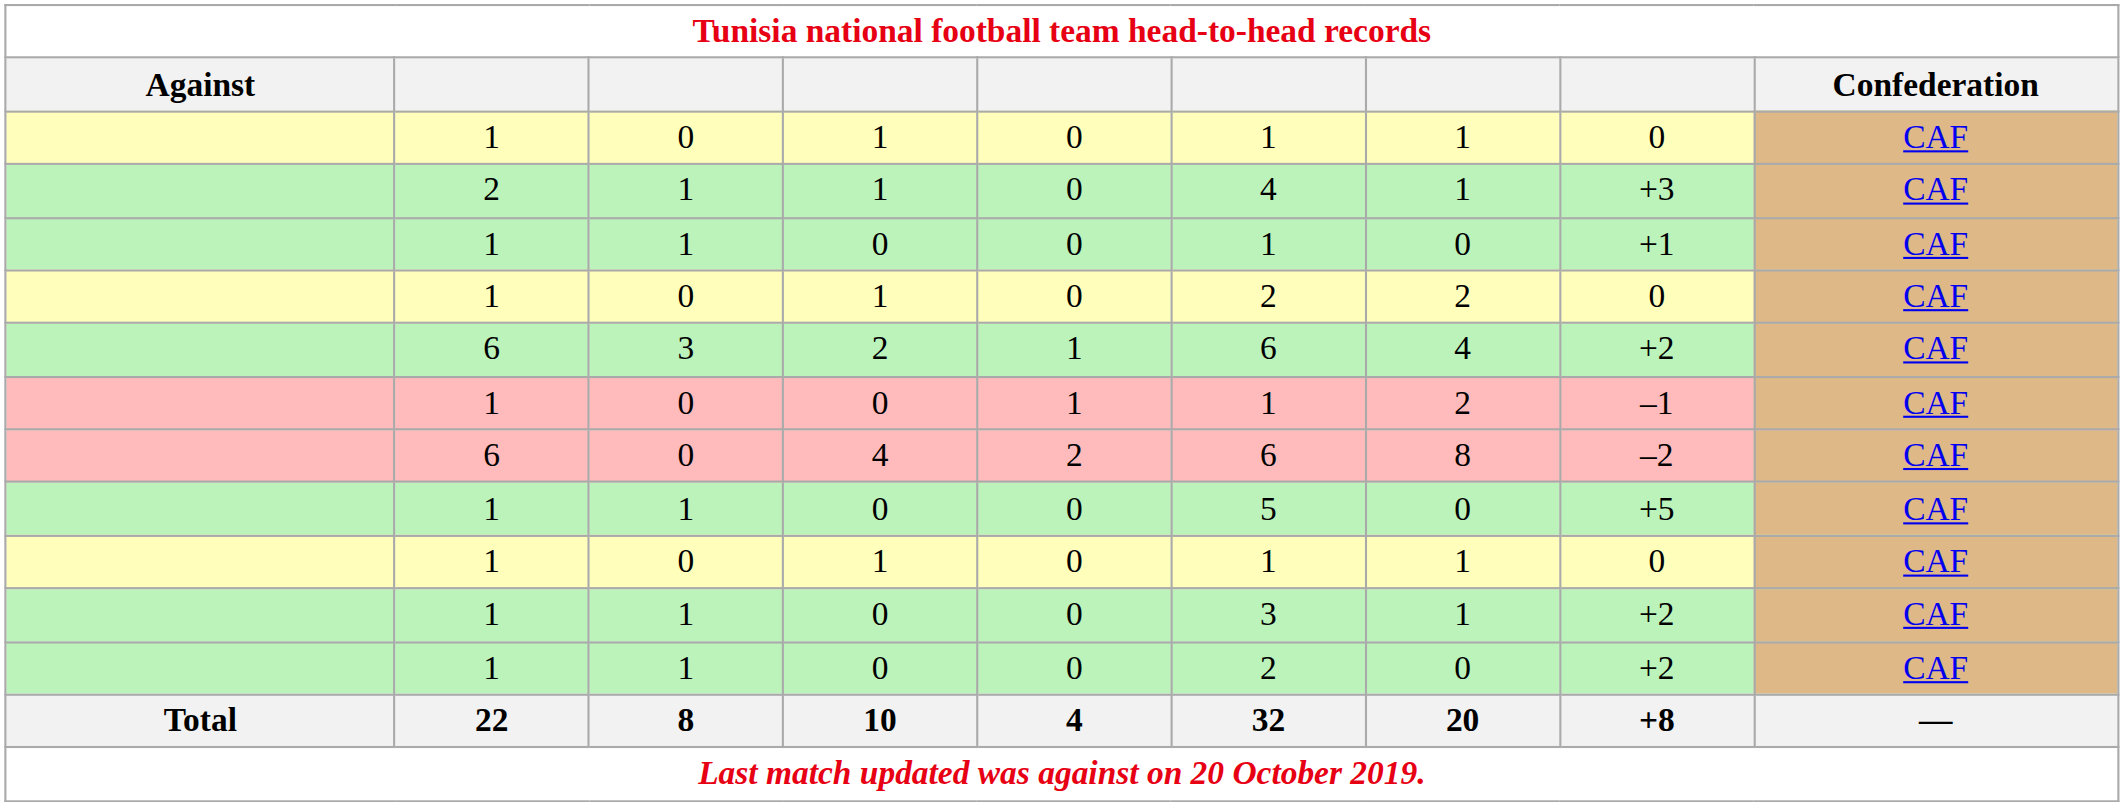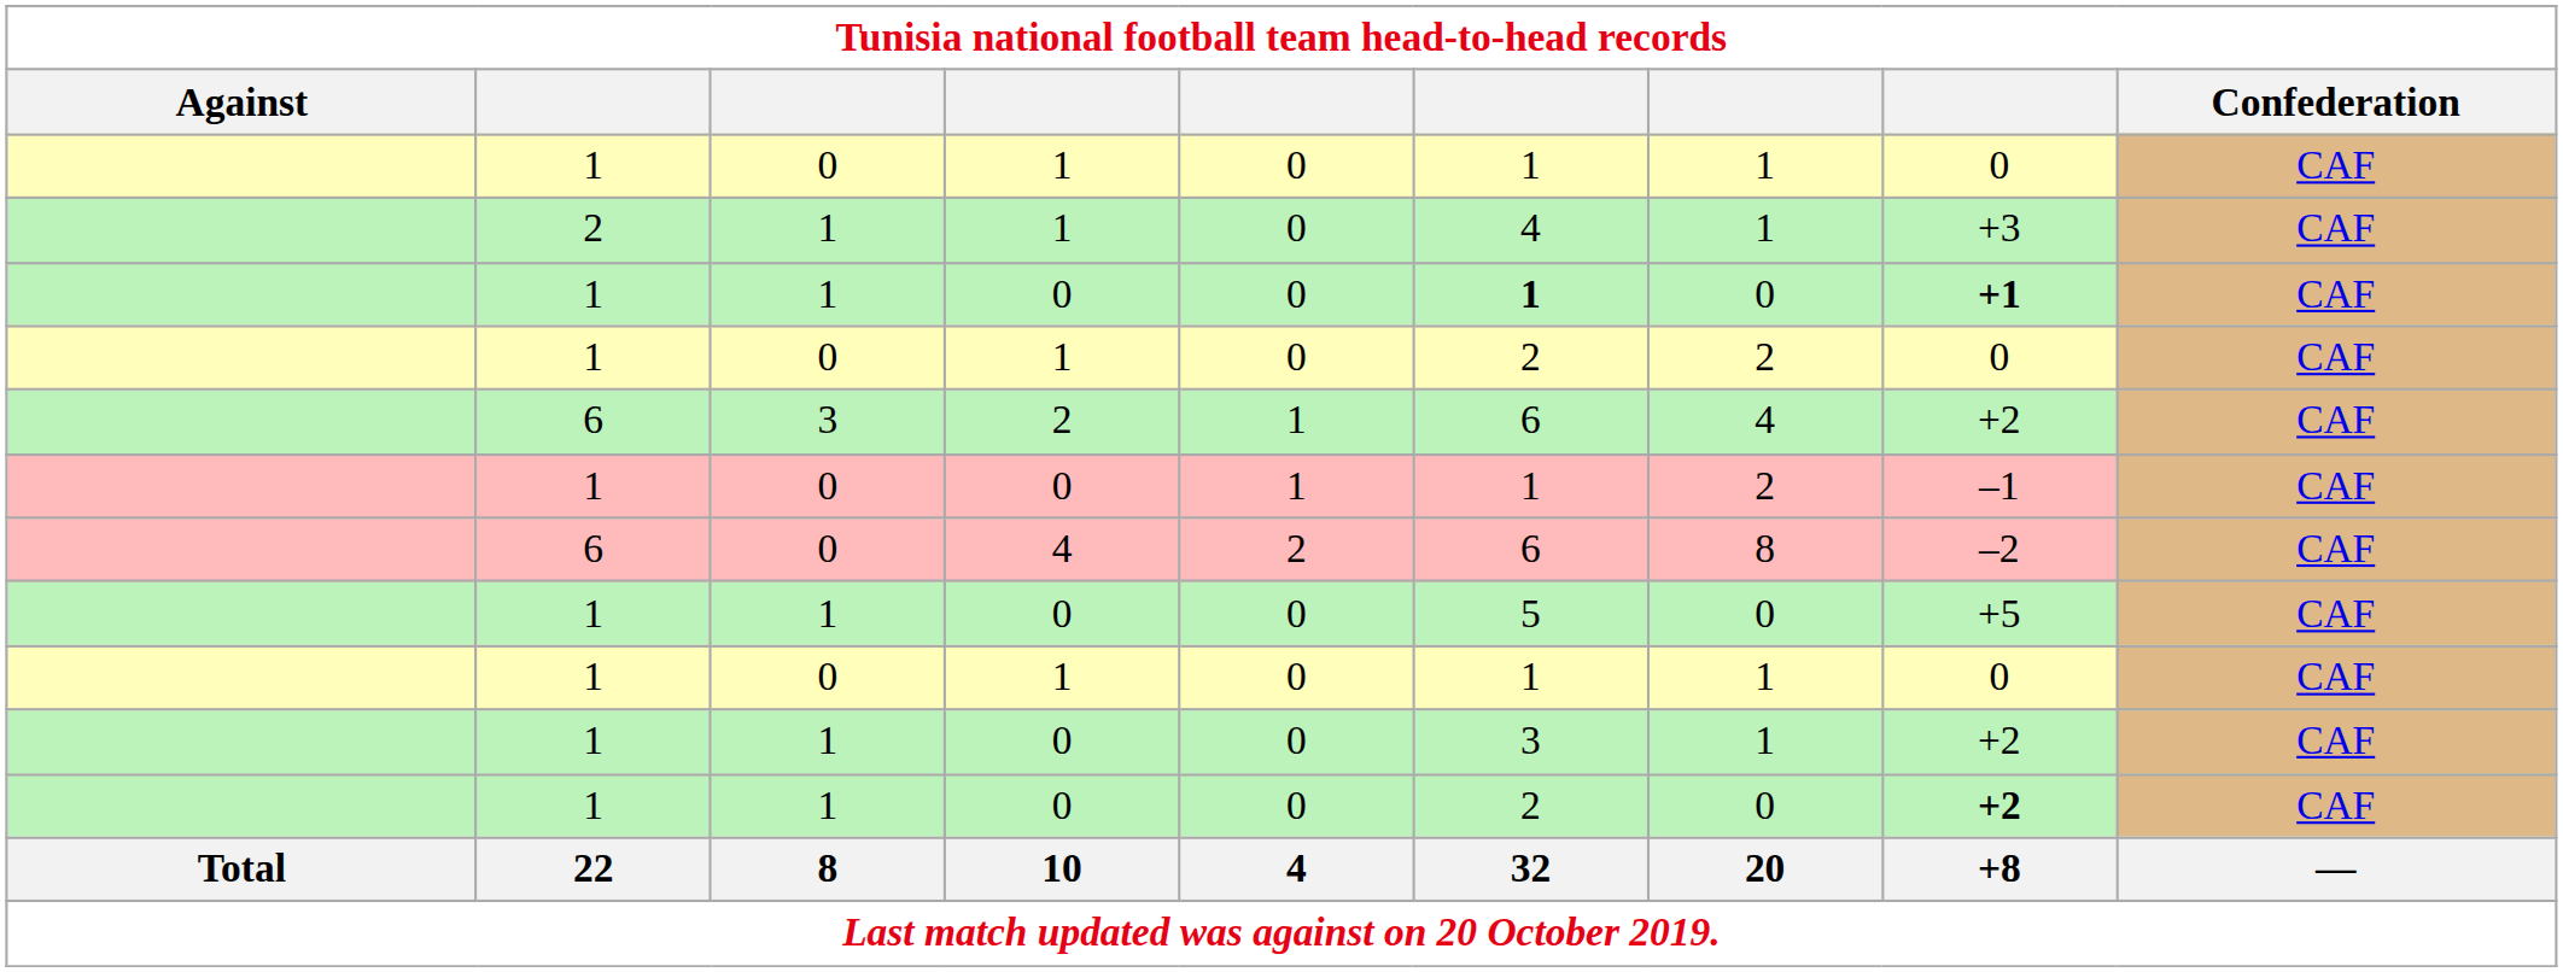 <table class="wikitable sortable mw-collapsible mw-collapsed" style="text-align:center; margin:0.5em auto; width:80%">
 <tr>
 <th colspan="9" style="background:#FFFFFF; color:#E70013; ">Tunisia national football team head-to-head records</th>
 </tr>
 <tr>
 <th width=10%>Against</th>
 <th width=5%></th>
 <th width=5%></th>
 <th width=5%></th>
 <th width=5%></th>
 <th width=5%></th>
 <th width=5%></th>
 <th width=5%></th>
 <th width=8%>Confederation</th>
 </tr>
 <tr bgcolor="#ffffbb">
 <td align=left></td>
 <td>1</td>
 <td>0</td>
 <td>1</td>
 <td>0</td>
 <td>1</td>
 <td>1</td>
 <td>0</td>
 <td bgcolor="#DEB887"><a href='#'>CAF</a></td>
 </tr>
 <tr bgcolor="#bbf3bb">
 <td align=left></td>
 <td>2</td>
 <td>1</td>
 <td>1</td>
 <td>0</td>
 <td>4</td>
 <td>1</td>
 <td>+3</td>
 <td bgcolor="#DEB887"><a href='#'>CAF</a></td>
 </tr>
 <tr bgcolor="#bbf3bb">
 <td align=left></td>
 <td>1</td>
 <td>1</td>
 <td>0</td>
 <td>0</td>
-<td>1</td>
+<td><strong>1</strong></td>
 <td>0</td>
-<td>+1</td>
+<td><strong>+1</strong></td>
 <td bgcolor="#DEB887"><a href='#'>CAF</a></td>
 </tr>
 <tr bgcolor="#ffffbb">
 <td align=left></td>
 <td>1</td>
 <td>0</td>
 <td>1</td>
 <td>0</td>
 <td>2</td>
 <td>2</td>
 <td>0</td>
 <td bgcolor="#DEB887"><a href='#'>CAF</a></td>
 </tr>
 <tr bgcolor="#bbf3bb">
 <td align=left></td>
 <td>6</td>
 <td>3</td>
 <td>2</td>
 <td>1</td>
 <td>6</td>
 <td>4</td>
 <td>+2</td>
 <td bgcolor="#DEB887"><a href='#'>CAF</a></td>
 </tr>
 <tr bgcolor="#ffbbbb">
 <td align=left></td>
 <td>1</td>
 <td>0</td>
 <td>0</td>
 <td>1</td>
 <td>1</td>
 <td>2</td>
 <td>–1</td>
 <td bgcolor="#DEB887"><a href='#'>CAF</a></td>
 </tr>
 <tr bgcolor="#ffbbbb">
 <td align=left></td>
 <td>6</td>
 <td>0</td>
 <td>4</td>
 <td>2</td>
 <td>6</td>
 <td>8</td>
 <td>–2</td>
 <td bgcolor="#DEB887"><a href='#'>CAF</a></td>
 </tr>
 <tr bgcolor="#bbf3bb">
 <td align=left></td>
 <td>1</td>
 <td>1</td>
 <td>0</td>
 <td>0</td>
 <td>5</td>
 <td>0</td>
 <td>+5</td>
 <td bgcolor="#DEB887"><a href='#'>CAF</a></td>
 </tr>
 <tr bgcolor="#ffffbb">
 <td align=left></td>
 <td>1</td>
 <td>0</td>
 <td>1</td>
 <td>0</td>
 <td>1</td>
 <td>1</td>
 <td>0</td>
 <td bgcolor="#DEB887"><a href='#'>CAF</a></td>
 </tr>
 <tr bgcolor="#bbf3bb">
 <td align=left></td>
 <td>1</td>
 <td>1</td>
 <td>0</td>
 <td>0</td>
 <td>3</td>
 <td>1</td>
 <td>+2</td>
 <td bgcolor="#DEB887"><a href='#'>CAF</a></td>
 </tr>
 <tr bgcolor="#bbf3bb">
 <td align=left></td>
 <td>1</td>
 <td>1</td>
 <td>0</td>
 <td>0</td>
 <td>2</td>
 <td>0</td>
-<td>+2</td>
+<td><strong>+2</strong></td>
 <td bgcolor="#DEB887"><a href='#'>CAF</a></td>
 </tr>
 <tr>
 <th>Total</th>
 <th>22</th>
 <th>8</th>
 <th>10</th>
 <th>4</th>
 <th>32</th>
 <th>20</th>
 <th>+8</th>
 <th>—</th>
 </tr>
 <tr>
 <th colspan="9" style="background:#FFFFFF; color:#E70013; "><em>Last match updated was against  <a href='#'></a> on 20 October 2019.</em></th>
 </tr>
 </table>
